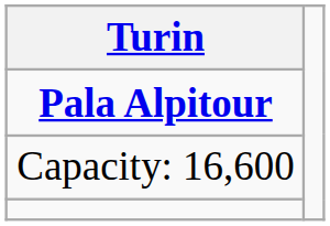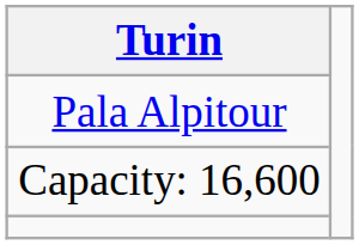 <table class="wikitable" style="text-align:center; margin:1em auto;">
 <tr>
 <th><a href='#'>Turin</a></th>
 <td rowspan=4></td>
 </tr>
 <tr>
-<td><strong><a href='#'>Pala Alpitour</a></strong></td>
+<td><a href='#'>Pala Alpitour</a></td>
 </tr>
 <tr>
 <td>Capacity: 16,600</td>
 </tr>
 <tr>
 <td></td>
 </tr>
 </table>
